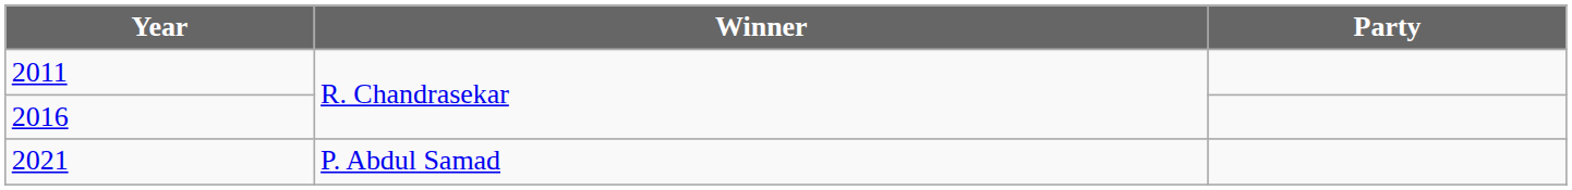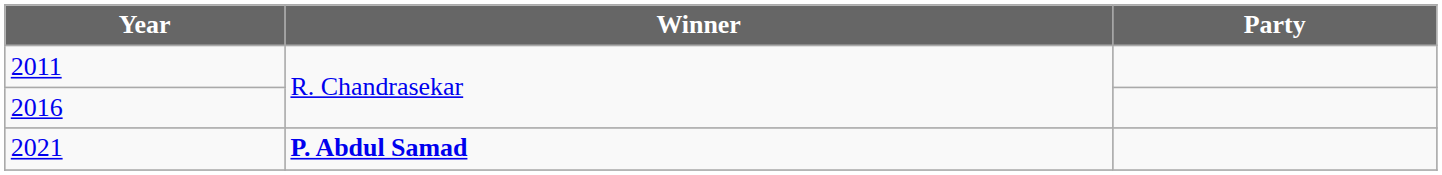 <table class="wikitable" width="70%">
 <tr>
 <th style="background-color:#666666; color:white">Year</th>
 <th style="background-color:#666666; color:white">Winner</th>
 <th style="background-color:#666666; color:white" colspan="2">Party</th>
 </tr>
 <tr>
 <td><a href='#'>2011</a></td>
 <td rowspan=2><a href='#'>R. Chandrasekar</a></td>
 <td></td>
 </tr>
 <tr>
 <td><a href='#'>2016</a></td>
 </tr>
 <tr>
 <td><a href='#'>2021</a></td>
-<td><a href='#'>P. Abdul Samad</a></td>
+<td><strong><a href='#'>P. Abdul Samad</a></strong></td>
 <td></td>
 </tr>
 </table>
